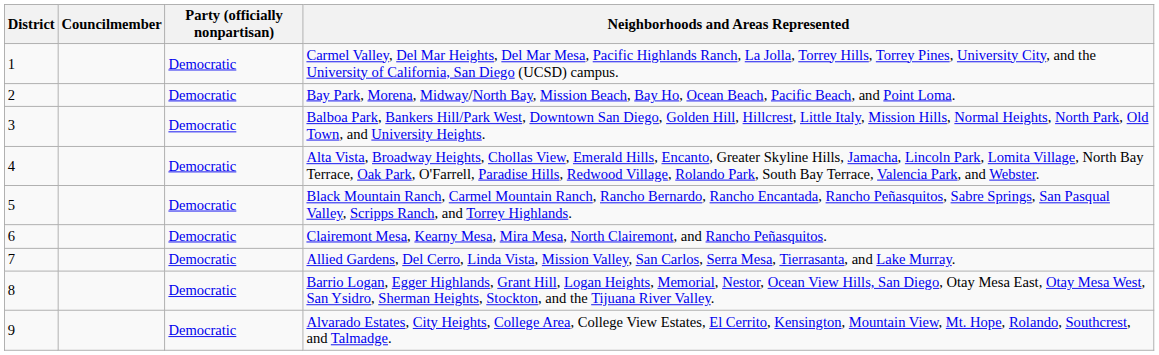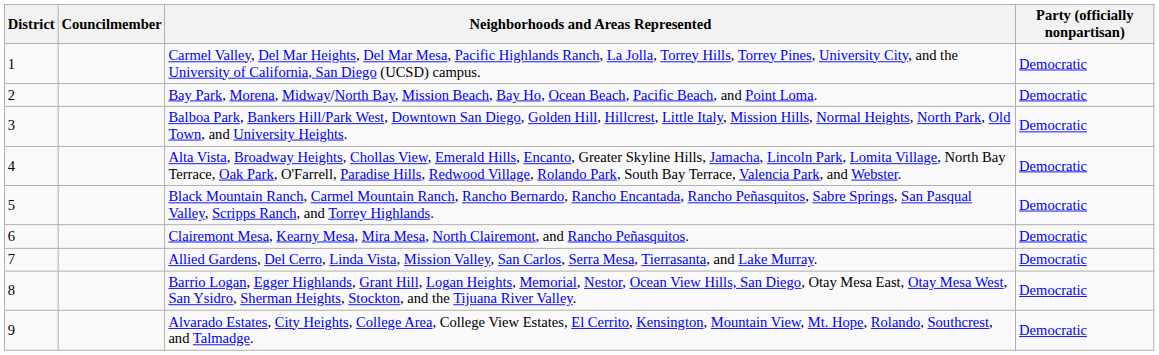 <table class="wikitable" width="100%">
 <tr>
 <th>District</th>
 <th>Councilmember</th>
+<th>Neighborhoods and Areas Represented</th>
 <th>Party (officially nonpartisan)</th>
-<th>Neighborhoods and Areas Represented</th>
 </tr>
 <tr>
 <td>1</td>
 <td> </td>
+<td><a href='#'>Carmel Valley</a>, <a href='#'>Del Mar Heights</a>, <a href='#'>Del Mar Mesa</a>, <a href='#'>Pacific Highlands Ranch</a>, <a href='#'>La Jolla</a>, <a href='#'>Torrey Hills</a>, <a href='#'>Torrey Pines</a>, <a href='#'>University City</a>, and the <a href='#'>University of California, San Diego</a> (UCSD) campus.</td>
 <td><a href='#'>Democratic</a></td>
-<td><a href='#'>Carmel Valley</a>, <a href='#'>Del Mar Heights</a>, <a href='#'>Del Mar Mesa</a>, <a href='#'>Pacific Highlands Ranch</a>, <a href='#'>La Jolla</a>, <a href='#'>Torrey Hills</a>, <a href='#'>Torrey Pines</a>, <a href='#'>University City</a>, and the <a href='#'>University of California, San Diego</a> (UCSD) campus.</td>
 </tr>
 <tr>
 <td>2</td>
 <td> </td>
+<td><a href='#'>Bay Park</a>, <a href='#'>Morena</a>, <a href='#'>Midway</a>/<a href='#'>North Bay</a>, <a href='#'>Mission Beach</a>, <a href='#'>Bay Ho</a>, <a href='#'>Ocean Beach</a>, <a href='#'>Pacific Beach</a>, and <a href='#'>Point Loma</a>.</td>
 <td><a href='#'>Democratic</a></td>
-<td><a href='#'>Bay Park</a>, <a href='#'>Morena</a>, <a href='#'>Midway</a>/<a href='#'>North Bay</a>, <a href='#'>Mission Beach</a>, <a href='#'>Bay Ho</a>, <a href='#'>Ocean Beach</a>, <a href='#'>Pacific Beach</a>, and <a href='#'>Point Loma</a>.</td>
 </tr>
 <tr>
 <td>3</td>
 <td> </td>
+<td><a href='#'>Balboa Park</a>, <a href='#'>Bankers Hill/Park West</a>, <a href='#'>Downtown San Diego</a>, <a href='#'>Golden Hill</a>, <a href='#'>Hillcrest</a>, <a href='#'>Little Italy</a>, <a href='#'>Mission Hills</a>, <a href='#'>Normal Heights</a>, <a href='#'>North Park</a>, <a href='#'>Old Town</a>, and <a href='#'>University Heights</a>.</td>
 <td><a href='#'>Democratic</a></td>
-<td><a href='#'>Balboa Park</a>, <a href='#'>Bankers Hill/Park West</a>, <a href='#'>Downtown San Diego</a>, <a href='#'>Golden Hill</a>, <a href='#'>Hillcrest</a>, <a href='#'>Little Italy</a>, <a href='#'>Mission Hills</a>, <a href='#'>Normal Heights</a>, <a href='#'>North Park</a>, <a href='#'>Old Town</a>, and <a href='#'>University Heights</a>.</td>
 </tr>
 <tr>
 <td>4</td>
 <td> </td>
+<td><a href='#'>Alta Vista</a>, <a href='#'>Broadway Heights</a>, <a href='#'>Chollas View</a>, <a href='#'>Emerald Hills</a>, <a href='#'>Encanto</a>, Greater Skyline Hills, <a href='#'>Jamacha</a>, <a href='#'>Lincoln Park</a>, <a href='#'>Lomita Village</a>, North Bay Terrace, <a href='#'>Oak Park</a>, O'Farrell, <a href='#'>Paradise Hills</a>, <a href='#'>Redwood Village</a>, <a href='#'>Rolando Park</a>, South Bay Terrace, <a href='#'>Valencia Park</a>, and <a href='#'>Webster</a>.</td>
 <td><a href='#'>Democratic</a></td>
-<td><a href='#'>Alta Vista</a>, <a href='#'>Broadway Heights</a>, <a href='#'>Chollas View</a>, <a href='#'>Emerald Hills</a>, <a href='#'>Encanto</a>, Greater Skyline Hills, <a href='#'>Jamacha</a>, <a href='#'>Lincoln Park</a>, <a href='#'>Lomita Village</a>, North Bay Terrace, <a href='#'>Oak Park</a>, O'Farrell, <a href='#'>Paradise Hills</a>, <a href='#'>Redwood Village</a>, <a href='#'>Rolando Park</a>, South Bay Terrace, <a href='#'>Valencia Park</a>, and <a href='#'>Webster</a>.</td>
 </tr>
 <tr>
 <td>5</td>
 <td> </td>
+<td><a href='#'>Black Mountain Ranch</a>, <a href='#'>Carmel Mountain Ranch</a>, <a href='#'>Rancho Bernardo</a>, <a href='#'>Rancho Encantada</a>, <a href='#'>Rancho Peñasquitos</a>, <a href='#'>Sabre Springs</a>, <a href='#'>San Pasqual Valley</a>, <a href='#'>Scripps Ranch</a>, and <a href='#'>Torrey Highlands</a>.</td>
 <td><a href='#'>Democratic</a></td>
-<td><a href='#'>Black Mountain Ranch</a>, <a href='#'>Carmel Mountain Ranch</a>, <a href='#'>Rancho Bernardo</a>, <a href='#'>Rancho Encantada</a>, <a href='#'>Rancho Peñasquitos</a>, <a href='#'>Sabre Springs</a>, <a href='#'>San Pasqual Valley</a>, <a href='#'>Scripps Ranch</a>, and <a href='#'>Torrey Highlands</a>.</td>
 </tr>
 <tr>
 <td>6</td>
 <td> </td>
+<td><a href='#'>Clairemont Mesa</a>, <a href='#'>Kearny Mesa</a>, <a href='#'>Mira Mesa</a>, <a href='#'>North Clairemont</a>, and <a href='#'>Rancho Peñasquitos</a>.</td>
 <td><a href='#'>Democratic</a></td>
-<td><a href='#'>Clairemont Mesa</a>, <a href='#'>Kearny Mesa</a>, <a href='#'>Mira Mesa</a>, <a href='#'>North Clairemont</a>, and <a href='#'>Rancho Peñasquitos</a>.</td>
 </tr>
 <tr>
 <td>7</td>
 <td> </td>
+<td><a href='#'>Allied Gardens</a>, <a href='#'>Del Cerro</a>, <a href='#'>Linda Vista</a>, <a href='#'>Mission Valley</a>, <a href='#'>San Carlos</a>, <a href='#'>Serra Mesa</a>, <a href='#'>Tierrasanta</a>, and <a href='#'>Lake Murray</a>.</td>
 <td><a href='#'>Democratic</a></td>
-<td><a href='#'>Allied Gardens</a>, <a href='#'>Del Cerro</a>, <a href='#'>Linda Vista</a>, <a href='#'>Mission Valley</a>, <a href='#'>San Carlos</a>, <a href='#'>Serra Mesa</a>, <a href='#'>Tierrasanta</a>, and <a href='#'>Lake Murray</a>.</td>
 </tr>
 <tr>
 <td>8</td>
 <td> </td>
+<td><a href='#'>Barrio Logan</a>, <a href='#'>Egger Highlands</a>, <a href='#'>Grant Hill</a>, <a href='#'>Logan Heights</a>, <a href='#'>Memorial</a>, <a href='#'>Nestor</a>, <a href='#'>Ocean View Hills, San Diego</a>, Otay Mesa East, <a href='#'>Otay Mesa West</a>, <a href='#'>San Ysidro</a>, <a href='#'>Sherman Heights</a>, <a href='#'>Stockton</a>, and the <a href='#'>Tijuana River Valley</a>.</td>
 <td><a href='#'>Democratic</a></td>
-<td><a href='#'>Barrio Logan</a>, <a href='#'>Egger Highlands</a>, <a href='#'>Grant Hill</a>, <a href='#'>Logan Heights</a>, <a href='#'>Memorial</a>, <a href='#'>Nestor</a>, <a href='#'>Ocean View Hills, San Diego</a>, Otay Mesa East, <a href='#'>Otay Mesa West</a>, <a href='#'>San Ysidro</a>, <a href='#'>Sherman Heights</a>, <a href='#'>Stockton</a>, and the <a href='#'>Tijuana River Valley</a>.</td>
 </tr>
 <tr>
 <td>9</td>
 <td> </td>
+<td><a href='#'>Alvarado Estates</a>, <a href='#'>City Heights</a>, <a href='#'>College Area</a>, College View Estates, <a href='#'>El Cerrito</a>, <a href='#'>Kensington</a>, <a href='#'>Mountain View</a>, <a href='#'>Mt. Hope</a>, <a href='#'>Rolando</a>, <a href='#'>Southcrest</a>, and <a href='#'>Talmadge</a>.</td>
 <td><a href='#'>Democratic</a></td>
-<td><a href='#'>Alvarado Estates</a>, <a href='#'>City Heights</a>, <a href='#'>College Area</a>, College View Estates, <a href='#'>El Cerrito</a>, <a href='#'>Kensington</a>, <a href='#'>Mountain View</a>, <a href='#'>Mt. Hope</a>, <a href='#'>Rolando</a>, <a href='#'>Southcrest</a>, and <a href='#'>Talmadge</a>.</td>
 </tr>
 </table>
